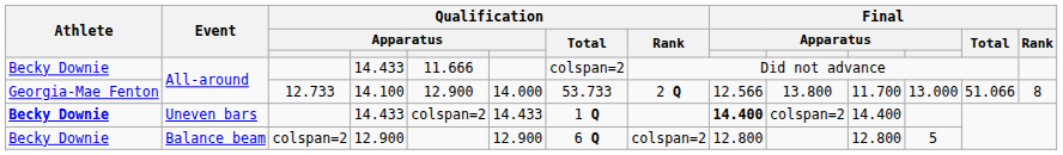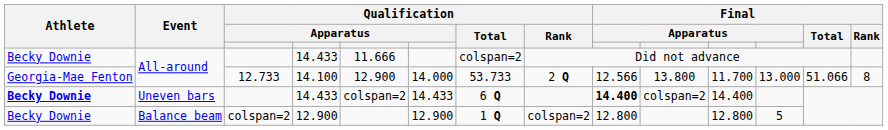 <table class=wikitable style=font-size:90%;text-align:center>
 <tr>
 <th rowspan=3>Athlete</th>
 <th rowspan=3>Event</th>
 <th colspan=6>Qualification</th>
 <th colspan=6>Final</th>
 </tr>
 <tr style=font-size:95%>
 <th colspan=4>Apparatus</th>
 <th rowspan=2>Total</th>
 <th rowspan=2>Rank</th>
 <th colspan=4>Apparatus</th>
 <th rowspan=2>Total</th>
 <th rowspan=2>Rank</th>
 </tr>
 <tr style=font-size:95%>
 <th></th>
 <th></th>
 <th></th>
 <th></th>
 <th></th>
 <th></th>
 <th></th>
 <th></th>
 </tr>
 <tr>
 <td align=left><a href='#'>Becky Downie</a></td>
 <td align=left rowspan=2><a href='#'>All-around</a></td>
 <td></td>
 <td>14.433</td>
 <td>11.666</td>
 <td></td>
 <td>colspan=2 </td>
 <td colspan=6>Did not advance</td>
 </tr>
 <tr>
 <td align=left><a href='#'>Georgia-Mae Fenton</a></td>
 <td>12.733</td>
 <td>14.100</td>
 <td>12.900</td>
 <td>14.000</td>
 <td>53.733</td>
 <td>2 <strong>Q</strong></td>
 <td>12.566</td>
 <td>13.800</td>
 <td>11.700</td>
 <td>13.000</td>
 <td>51.066</td>
 <td>8</td>
 </tr>
 <tr>
 <td align=left><strong><a href='#'>Becky Downie</a></strong></td>
 <td align=left><a href='#'>Uneven bars</a></td>
 <td></td>
 <td>14.433</td>
 <td>colspan=2 </td>
 <td>14.433</td>
-<td>1 <strong>Q</strong></td>
+<td>6 <strong>Q</strong></td>
 <td></td>
 <td><strong>14.400</strong></td>
 <td>colspan=2 </td>
 <td>14.400</td>
 <td></td>
 </tr>
 <tr>
 <td align=left><a href='#'>Becky Downie</a></td>
 <td align=left><a href='#'>Balance beam</a></td>
 <td>colspan=2 </td>
 <td>12.900</td>
 <td></td>
 <td>12.900</td>
-<td>6 <strong>Q</strong></td>
+<td>1 <strong>Q</strong></td>
 <td>colspan=2 </td>
 <td>12.800</td>
 <td></td>
 <td>12.800</td>
 <td>5</td>
 </tr>
 </table>
